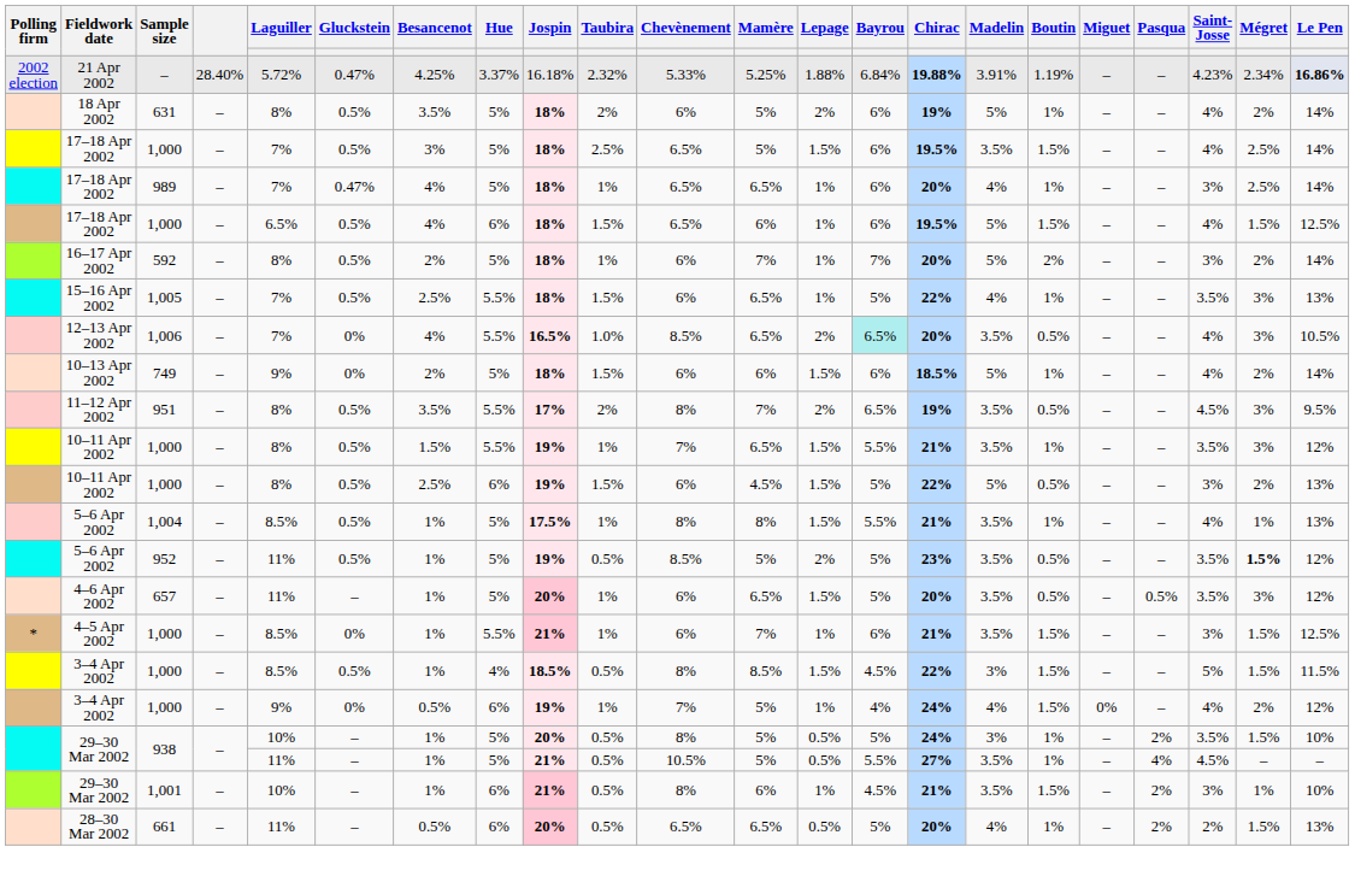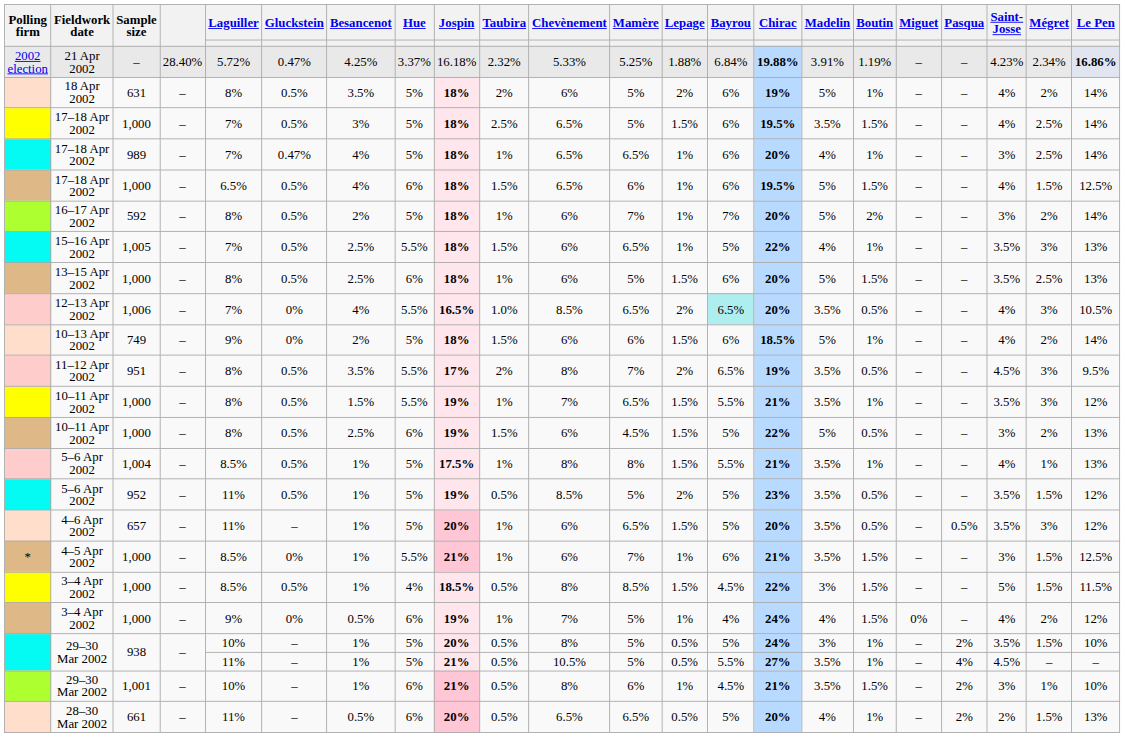 <table class="wikitable sortable" style="text-align:center;font-size:90%;line-height:14px;">
 <tr style="height:40px;">
 <th style="width:100px;" rowspan="2">Polling firm</th>
 <th style="width:110px;" rowspan="2">Fieldwork date</th>
 <th style="width:35px;" rowspan="2">Sample<br>size</th>
 <th style="width:30px;" rowspan="2"></th>
 <th class="unsortable" style="width:60px;"><a href='#'>Laguiller</a><br></th>
 <th class="unsortable" style="width:60px;"><a href='#'>Gluckstein</a><br></th>
 <th class="unsortable" style="width:60px;"><a href='#'>Besancenot</a><br></th>
 <th class="unsortable" style="width:60px;"><a href='#'>Hue</a><br></th>
 <th class="unsortable" style="width:60px;"><a href='#'>Jospin</a><br></th>
 <th class="unsortable" style="width:60px;"><a href='#'>Taubira</a><br></th>
 <th class="unsortable" style="width:60px;"><a href='#'>Chevènement</a><br></th>
 <th class="unsortable" style="width:60px;"><a href='#'>Mamère</a><br></th>
 <th class="unsortable" style="width:60px;"><a href='#'>Lepage</a><br></th>
 <th class="unsortable" style="width:60px;"><a href='#'>Bayrou</a><br></th>
 <th class="unsortable" style="width:60px;"><a href='#'>Chirac</a><br></th>
 <th class="unsortable" style="width:60px;"><a href='#'>Madelin</a><br></th>
 <th class="unsortable" style="width:60px;"><a href='#'>Boutin</a><br></th>
 <th class="unsortable" style="width:60px;"><a href='#'>Miguet</a><br></th>
 <th class="unsortable" style="width:60px;"><a href='#'>Pasqua</a><br></th>
 <th class="unsortable" style="width:60px;"><a href='#'>Saint-<br>Josse</a><br></th>
 <th class="unsortable" style="width:60px;"><a href='#'>Mégret</a><br></th>
 <th class="unsortable" style="width:60px;"><a href='#'>Le Pen</a><br></th>
 </tr>
 <tr>
 <th style="background:"></th>
 <th style="background:"></th>
 <th style="background:"></th>
 <th style="background:"></th>
 <th style="background:"></th>
 <th style="background:"></th>
 <th style="background:"></th>
 <th style="background:"></th>
 <th style="background:"></th>
 <th style="background:"></th>
 <th style="background:"></th>
 <th style="background:"></th>
 <th style="background:"></th>
 <th style="background:"></th>
 <th style="background:"></th>
 <th style="background:"></th>
 <th style="background:"></th>
 <th style="background:"></th>
 </tr>
 <tr style="background:#E9E9E9;">
 <td><a href='#'>2002 election</a></td>
 <td data-sort-value="2002-04-21">21 Apr 2002</td>
 <td>–</td>
 <td>28.40%</td>
 <td>5.72%</td>
 <td>0.47%</td>
 <td>4.25%</td>
 <td>3.37%</td>
 <td>16.18%</td>
 <td>2.32%</td>
 <td>5.33%</td>
 <td>5.25%</td>
 <td>1.88%</td>
 <td>6.84%</td>
 <td style="background:#B9DAFF;"><strong>19.88%</strong></td>
 <td>3.91%</td>
 <td>1.19%</td>
 <td>–</td>
 <td>–</td>
 <td>4.23%</td>
 <td>2.34%</td>
 <td style="background:#E0E5F0;"><strong>16.86%</strong></td>
 </tr>
 <tr>
 <td style="background:#FFDFCC;"></td>
 <td data-sort-value="2002-04-18">18 Apr 2002</td>
 <td>631</td>
 <td>–</td>
 <td>8%</td>
 <td>0.5%</td>
 <td>3.5%</td>
 <td>5%</td>
 <td style="background:#FFE6EC;"><strong>18%</strong></td>
 <td>2%</td>
 <td>6%</td>
 <td>5%</td>
 <td>2%</td>
 <td>6%</td>
 <td style="background:#B9DAFF;"><strong>19%</strong></td>
 <td>5%</td>
 <td>1%</td>
 <td>–</td>
 <td>–</td>
 <td>4%</td>
 <td>2%</td>
 <td>14%</td>
 </tr>
 <tr>
 <td style="background:yellow;"></td>
 <td data-sort-value="2002-04-18">17–18 Apr 2002</td>
 <td>1,000</td>
 <td>–</td>
 <td>7%</td>
 <td>0.5%</td>
 <td>3%</td>
 <td>5%</td>
 <td style="background:#FFE6EC;"><strong>18%</strong></td>
 <td>2.5%</td>
 <td>6.5%</td>
 <td>5%</td>
 <td>1.5%</td>
 <td>6%</td>
 <td style="background:#B9DAFF;"><strong>19.5%</strong></td>
 <td>3.5%</td>
 <td>1.5%</td>
 <td>–</td>
 <td>–</td>
 <td>4%</td>
 <td>2.5%</td>
 <td>14%</td>
 </tr>
 <tr>
 <td style="background:#04FBF4;"></td>
 <td data-sort-value="2002-04-18">17–18 Apr 2002</td>
 <td>989</td>
 <td>–</td>
 <td>7%</td>
 <td>0.47%</td>
 <td>4%</td>
 <td>5%</td>
 <td style="background:#FFE6EC;"><strong>18%</strong></td>
 <td>1%</td>
 <td>6.5%</td>
 <td>6.5%</td>
 <td>1%</td>
 <td>6%</td>
 <td style="background:#B9DAFF;"><strong>20%</strong></td>
 <td>4%</td>
 <td>1%</td>
 <td>–</td>
 <td>–</td>
 <td>3%</td>
 <td>2.5%</td>
 <td>14%</td>
 </tr>
 <tr>
 <td style="background:burlywood;"></td>
 <td data-sort-value="2002-04-18">17–18 Apr 2002</td>
 <td>1,000</td>
 <td>–</td>
 <td>6.5%</td>
 <td>0.5%</td>
 <td>4%</td>
 <td>6%</td>
 <td style="background:#FFE6EC;"><strong>18%</strong></td>
 <td>1.5%</td>
 <td>6.5%</td>
 <td>6%</td>
 <td>1%</td>
 <td>6%</td>
 <td style="background:#B9DAFF;"><strong>19.5%</strong></td>
 <td>5%</td>
 <td>1.5%</td>
 <td>–</td>
 <td>–</td>
 <td>4%</td>
 <td>1.5%</td>
 <td>12.5%</td>
 </tr>
 <tr>
 <td style="background:GreenYellow;"></td>
 <td data-sort-value="2002-04-17">16–17 Apr 2002</td>
 <td>592</td>
 <td>–</td>
 <td>8%</td>
 <td>0.5%</td>
 <td>2%</td>
 <td>5%</td>
 <td style="background:#FFE6EC;"><strong>18%</strong></td>
 <td>1%</td>
 <td>6%</td>
 <td>7%</td>
 <td>1%</td>
 <td>7%</td>
 <td style="background:#B9DAFF;"><strong>20%</strong></td>
 <td>5%</td>
 <td>2%</td>
 <td>–</td>
 <td>–</td>
 <td>3%</td>
 <td>2%</td>
 <td>14%</td>
 </tr>
 <tr>
 <td style="background:#04FBF4;"></td>
 <td data-sort-value="2002-04-16">15–16 Apr 2002</td>
 <td>1,005</td>
 <td>–</td>
 <td>7%</td>
 <td>0.5%</td>
 <td>2.5%</td>
 <td>5.5%</td>
 <td style="background:#FFE6EC;"><strong>18%</strong></td>
 <td>1.5%</td>
 <td>6%</td>
 <td>6.5%</td>
 <td>1%</td>
 <td>5%</td>
 <td style="background:#B9DAFF;"><strong>22%</strong></td>
 <td>4%</td>
 <td>1%</td>
 <td>–</td>
 <td>–</td>
 <td>3.5%</td>
 <td>3%</td>
 <td>13%</td>
 </tr>
 <tr>
+<td style="background:burlywood;"></td>
+<td data-sort-value="2002-04-15">13–15 Apr 2002</td>
+<td>1,000</td>
+<td>–</td>
+<td>8%</td>
+<td>0.5%</td>
+<td>2.5%</td>
+<td>6%</td>
+<td style="background:#FFE6EC;"><strong>18%</strong></td>
+<td>1%</td>
+<td>6%</td>
+<td>5%</td>
+<td>1.5%</td>
+<td>6%</td>
+<td style="background:#B9DAFF;"><strong>20%</strong></td>
+<td>5%</td>
+<td>1.5%</td>
+<td>–</td>
+<td>–</td>
+<td>3.5%</td>
+<td>2.5%</td>
+<td>13%</td>
+</tr>
+<tr>
 <td style="background:#FFCCCC;"></td>
 <td data-sort-value="2002-04-13">12–13 Apr 2002</td>
 <td>1,006</td>
 <td>–</td>
 <td>7%</td>
 <td>0%</td>
 <td>4%</td>
 <td>5.5%</td>
 <td style="background:#FFE6EC;"><strong>16.5%</strong></td>
 <td>1.0%</td>
 <td>8.5%</td>
 <td>6.5%</td>
 <td>2%</td>
 <td style="background: paleturquoise;">6.5%</td>
 <td style="background:#B9DAFF;"><strong>20%</strong></td>
 <td>3.5%</td>
 <td>0.5%</td>
 <td>–</td>
 <td>–</td>
 <td>4%</td>
 <td>3%</td>
 <td>10.5%</td>
 </tr>
 <tr>
 <td style="background:#FFDFCC;"></td>
 <td data-sort-value="2002-04-13">10–13 Apr 2002</td>
 <td>749</td>
 <td>–</td>
 <td>9%</td>
 <td>0%</td>
 <td>2%</td>
 <td>5%</td>
 <td style="background:#FFE6EC;"><strong>18%</strong></td>
 <td>1.5%</td>
 <td>6%</td>
 <td>6%</td>
 <td>1.5%</td>
 <td>6%</td>
 <td style="background:#B9DAFF;"><strong>18.5%</strong></td>
 <td>5%</td>
 <td>1%</td>
 <td>–</td>
 <td>–</td>
 <td>4%</td>
 <td>2%</td>
 <td>14%</td>
 </tr>
 <tr>
 <td style="background:#FFCCCC;"></td>
 <td data-sort-value="2002-04-12">11–12 Apr 2002</td>
 <td>951</td>
 <td>–</td>
 <td>8%</td>
 <td>0.5%</td>
 <td>3.5%</td>
 <td>5.5%</td>
 <td style="background:#FFE6EC;"><strong>17%</strong></td>
 <td>2%</td>
 <td>8%</td>
 <td>7%</td>
 <td>2%</td>
 <td>6.5%</td>
 <td style="background:#B9DAFF;"><strong>19%</strong></td>
 <td>3.5%</td>
 <td>0.5%</td>
 <td>–</td>
 <td>–</td>
 <td>4.5%</td>
 <td>3%</td>
 <td>9.5%</td>
 </tr>
 <tr>
 <td style="background:yellow;"></td>
 <td data-sort-value="2002-04-11">10–11 Apr 2002</td>
 <td>1,000</td>
 <td>–</td>
 <td>8%</td>
 <td>0.5%</td>
 <td>1.5%</td>
 <td>5.5%</td>
 <td style="background:#FFE6EC;"><strong>19%</strong></td>
 <td>1%</td>
 <td>7%</td>
 <td>6.5%</td>
 <td>1.5%</td>
 <td>5.5%</td>
 <td style="background:#B9DAFF;"><strong>21%</strong></td>
 <td>3.5%</td>
 <td>1%</td>
 <td>–</td>
 <td>–</td>
 <td>3.5%</td>
 <td>3%</td>
 <td>12%</td>
 </tr>
 <tr>
 <td style="background:burlywood;"></td>
 <td data-sort-value="2002-04-11">10–11 Apr 2002</td>
 <td>1,000</td>
 <td>–</td>
 <td>8%</td>
 <td>0.5%</td>
 <td>2.5%</td>
 <td>6%</td>
 <td style="background:#FFE6EC;"><strong>19%</strong></td>
 <td>1.5%</td>
 <td>6%</td>
 <td>4.5%</td>
 <td>1.5%</td>
 <td>5%</td>
 <td style="background:#B9DAFF;"><strong>22%</strong></td>
 <td>5%</td>
 <td>0.5%</td>
 <td>–</td>
 <td>–</td>
 <td>3%</td>
 <td>2%</td>
 <td>13%</td>
 </tr>
 <tr>
 <td style="background:#FFCCCC;"></td>
 <td data-sort-value="2002-04-06">5–6 Apr 2002</td>
 <td>1,004</td>
 <td>–</td>
 <td>8.5%</td>
 <td>0.5%</td>
 <td>1%</td>
 <td>5%</td>
 <td style="background:#FFE6EC;"><strong>17.5%</strong></td>
 <td>1%</td>
 <td>8%</td>
 <td>8%</td>
 <td>1.5%</td>
 <td>5.5%</td>
 <td style="background:#B9DAFF;"><strong>21%</strong></td>
 <td>3.5%</td>
 <td>1%</td>
 <td>–</td>
 <td>–</td>
 <td>4%</td>
 <td>1%</td>
 <td>13%</td>
 </tr>
 <tr>
 <td style="background:#04FBF4;"></td>
 <td data-sort-value="2002-04-06">5–6 Apr 2002</td>
 <td>952</td>
 <td>–</td>
 <td>11%</td>
 <td>0.5%</td>
 <td>1%</td>
 <td>5%</td>
 <td style="background:#FFE6EC;"><strong>19%</strong></td>
 <td>0.5%</td>
 <td>8.5%</td>
 <td>5%</td>
 <td>2%</td>
 <td>5%</td>
 <td style="background:#B9DAFF;"><strong>23%</strong></td>
 <td>3.5%</td>
 <td>0.5%</td>
 <td>–</td>
 <td>–</td>
 <td>3.5%</td>
-<td><strong>1.5%</strong></td>
+<td>1.5%</td>
 <td>12%</td>
 </tr>
 <tr>
 <td style="background:#FFDFCC;"></td>
 <td data-sort-value="2002-04-06">4–6 Apr 2002</td>
 <td>657</td>
 <td>–</td>
 <td>11%</td>
 <td>–</td>
 <td>1%</td>
 <td>5%</td>
 <td style="background:#FFC6D5;"><strong>20%</strong></td>
 <td>1%</td>
 <td>6%</td>
 <td>6.5%</td>
 <td>1.5%</td>
 <td>5%</td>
 <td style="background:#B9DAFF;"><strong>20%</strong></td>
 <td>3.5%</td>
 <td>0.5%</td>
 <td>–</td>
 <td>0.5%</td>
 <td>3.5%</td>
 <td>3%</td>
 <td>12%</td>
 </tr>
 <tr>
 <td style="background:burlywood;">*</td>
 <td data-sort-value="2002-04-05">4–5 Apr 2002</td>
 <td>1,000</td>
 <td>–</td>
 <td>8.5%</td>
 <td>0%</td>
 <td>1%</td>
 <td>5.5%</td>
 <td style="background:#FFC6D5;"><strong>21%</strong></td>
 <td>1%</td>
 <td>6%</td>
 <td>7%</td>
 <td>1%</td>
 <td>6%</td>
 <td style="background:#B9DAFF;"><strong>21%</strong></td>
 <td>3.5%</td>
 <td>1.5%</td>
 <td>–</td>
 <td>–</td>
 <td>3%</td>
 <td>1.5%</td>
 <td>12.5%</td>
 </tr>
 <tr>
 <td style="background:yellow;"></td>
 <td data-sort-value="2002-04-04">3–4 Apr 2002</td>
 <td>1,000</td>
 <td>–</td>
 <td>8.5%</td>
 <td>0.5%</td>
 <td>1%</td>
 <td>4%</td>
 <td style="background:#FFE6EC;"><strong>18.5%</strong></td>
 <td>0.5%</td>
 <td>8%</td>
 <td>8.5%</td>
 <td>1.5%</td>
 <td>4.5%</td>
 <td style="background:#B9DAFF;"><strong>22%</strong></td>
 <td>3%</td>
 <td>1.5%</td>
 <td>–</td>
 <td>–</td>
 <td>5%</td>
 <td>1.5%</td>
 <td>11.5%</td>
 </tr>
 <tr>
 <td style="background:burlywood;"></td>
 <td data-sort-value="2002-04-04">3–4 Apr 2002</td>
 <td>1,000</td>
 <td>–</td>
 <td>9%</td>
 <td>0%</td>
 <td>0.5%</td>
 <td>6%</td>
 <td style="background:#FFE6EC;"><strong>19%</strong></td>
 <td>1%</td>
 <td>7%</td>
 <td>5%</td>
 <td>1%</td>
 <td>4%</td>
 <td style="background:#B9DAFF;"><strong>24%</strong></td>
 <td>4%</td>
 <td>1.5%</td>
 <td>0%</td>
 <td>–</td>
 <td>4%</td>
 <td>2%</td>
 <td>12%</td>
 </tr>
 <tr>
 <td rowspan="2" style="background:#04FBF4;"></td>
 <td rowspan="2" data-sort-value="2002-03-30">29–30 Mar 2002</td>
 <td rowspan="2">938</td>
 <td rowspan="2">–</td>
 <td>10%</td>
 <td>–</td>
 <td>1%</td>
 <td>5%</td>
 <td style="background:#FFE6EC;"><strong>20%</strong></td>
 <td>0.5%</td>
 <td>8%</td>
 <td>5%</td>
 <td>0.5%</td>
 <td>5%</td>
 <td style="background:#B9DAFF;"><strong>24%</strong></td>
 <td>3%</td>
 <td>1%</td>
 <td>–</td>
 <td>2%</td>
 <td>3.5%</td>
 <td>1.5%</td>
 <td>10%</td>
 </tr>
 <tr>
 <td>11%</td>
 <td>–</td>
 <td>1%</td>
 <td>5%</td>
 <td style="background:#FFE6EC;"><strong>21%</strong></td>
 <td>0.5%</td>
 <td>10.5%</td>
 <td>5%</td>
 <td>0.5%</td>
 <td>5.5%</td>
 <td style="background:#B9DAFF;"><strong>27%</strong></td>
 <td>3.5%</td>
 <td>1%</td>
 <td>–</td>
 <td>4%</td>
 <td>4.5%</td>
 <td>–</td>
 <td>–</td>
 </tr>
 <tr>
 <td style="background:GreenYellow;"></td>
 <td data-sort-value="2002-03-30">29–30 Mar 2002</td>
 <td>1,001</td>
 <td>–</td>
 <td>10%</td>
 <td>–</td>
 <td>1%</td>
 <td>6%</td>
 <td style="background:#FFC6D5;"><strong>21%</strong></td>
 <td>0.5%</td>
 <td>8%</td>
 <td>6%</td>
 <td>1%</td>
 <td>4.5%</td>
 <td style="background:#B9DAFF;"><strong>21%</strong></td>
 <td>3.5%</td>
 <td>1.5%</td>
 <td>–</td>
 <td>2%</td>
 <td>3%</td>
 <td>1%</td>
 <td>10%</td>
 </tr>
 <tr>
 <td style="background:#FFDFCC;"></td>
 <td data-sort-value="2002-03-30">28–30 Mar 2002</td>
 <td>661</td>
 <td>–</td>
 <td>11%</td>
 <td>–</td>
 <td>0.5%</td>
 <td>6%</td>
 <td style="background:#FFC6D5;"><strong>20%</strong></td>
 <td>0.5%</td>
 <td>6.5%</td>
 <td>6.5%</td>
 <td>0.5%</td>
 <td>5%</td>
 <td style="background:#B9DAFF;"><strong>20%</strong></td>
 <td>4%</td>
 <td>1%</td>
 <td>–</td>
 <td>2%</td>
 <td>2%</td>
 <td>1.5%</td>
 <td>13%</td>
 </tr>
 </table>
